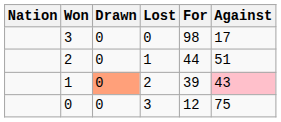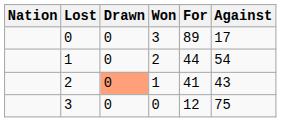 <table class="wikitable">
 <tr>
 <th>Nation</th>
+<th>Lost</th>
+<th>Drawn</th>
 <th>Won</th>
-<th>Drawn</th>
-<th>Lost</th>
 <th>For</th>
 <th>Against</th>
+</tr>
+<tr>
+<td></td>
+<td>0</td>
+<td>0</td>
+<td>3</td>
+<td>89</td>
+<td>17</td>
+</tr>
+<tr>
+<td></td>
+<td>1</td>
+<td>0</td>
+<td>2</td>
+<td>44</td>
+<td>54</td>
+</tr>
+<tr>
+<td></td>
+<td>2</td>
+<td style="background: lightsalmon;">0</td>
+<td>1</td>
+<td>41</td>
+<td>43</td>
 </tr>
 <tr>
 <td></td>
 <td>3</td>
 <td>0</td>
 <td>0</td>
-<td>98</td>
-<td>17</td>
-</tr>
-<tr>
-<td></td>
-<td>2</td>
-<td>0</td>
-<td>1</td>
-<td>44</td>
-<td>51</td>
-</tr>
-<tr>
-<td></td>
-<td>1</td>
-<td style="background: lightsalmon;">0</td>
-<td>2</td>
-<td>39</td>
-<td style="background: pink;">43</td>
-</tr>
-<tr>
-<td></td>
-<td>0</td>
-<td>0</td>
-<td>3</td>
 <td>12</td>
 <td>75</td>
 </tr>
 </table>
